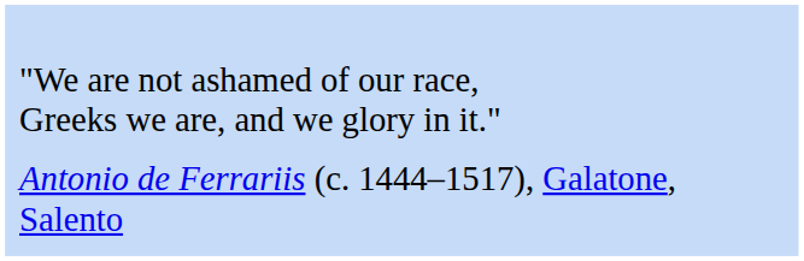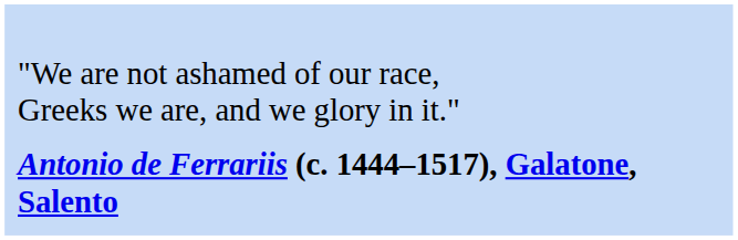 <table class="toccolours" style="float: right; margin-left: 1em; margin-right: 1em; font-size: 85%; background:#c6dbf7; color:black; width:23em; max-width: 25%;" cellspacing="5">
 <tr>
 <td style="text-align: left;"><br>"We are not ashamed of our race,<br>Greeks we are, and we glory in it."</td>
 </tr>
 <tr>
-<td style="text-align: left;"><em><a href='#'>Antonio de Ferrariis</a></em> (c. 1444–1517), <a href='#'>Galatone</a>, <a href='#'>Salento</a></td>
+<td style="text-align: left;"><strong><em><a href='#'>Antonio de Ferrariis</a></em> (c. 1444–1517), <a href='#'>Galatone</a>, <a href='#'>Salento</a></strong></td>
 </tr>
 </table>
